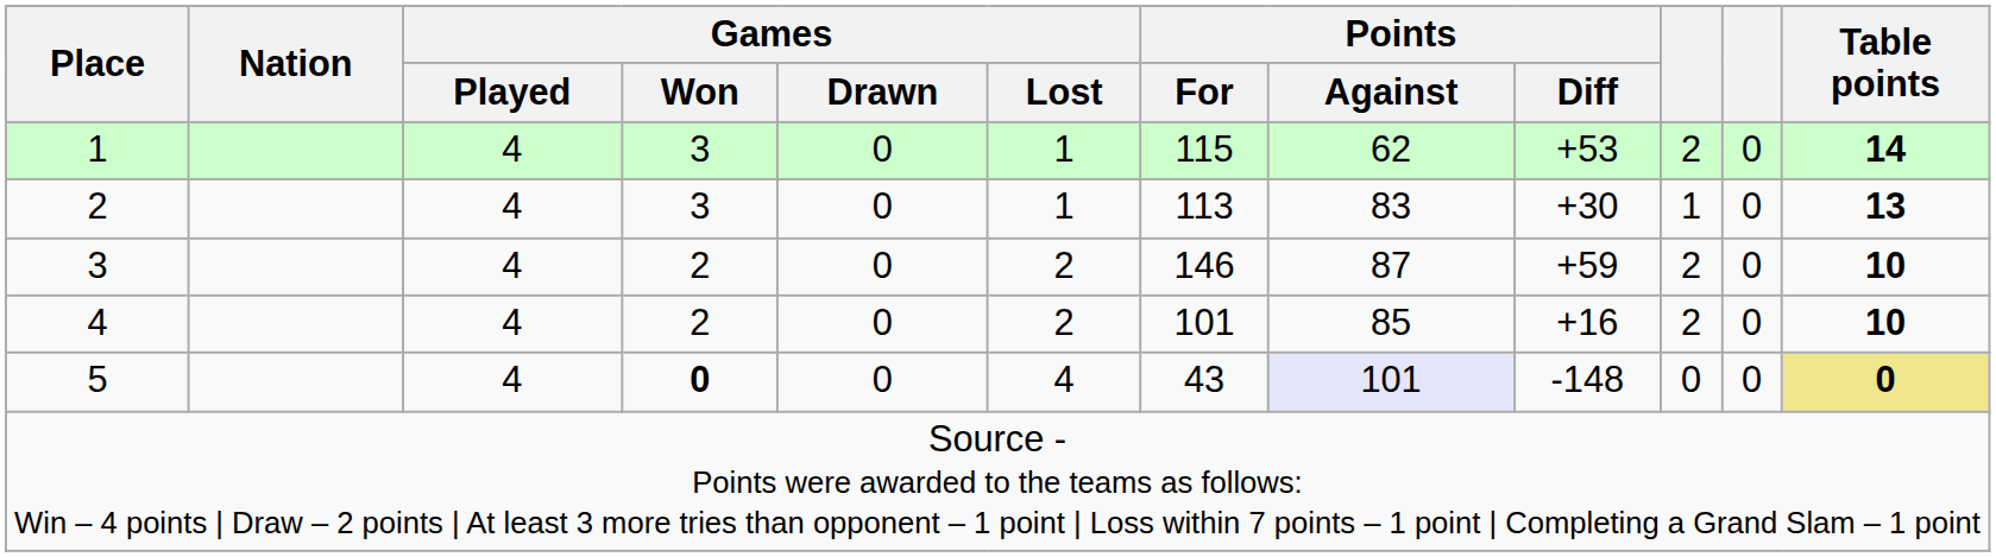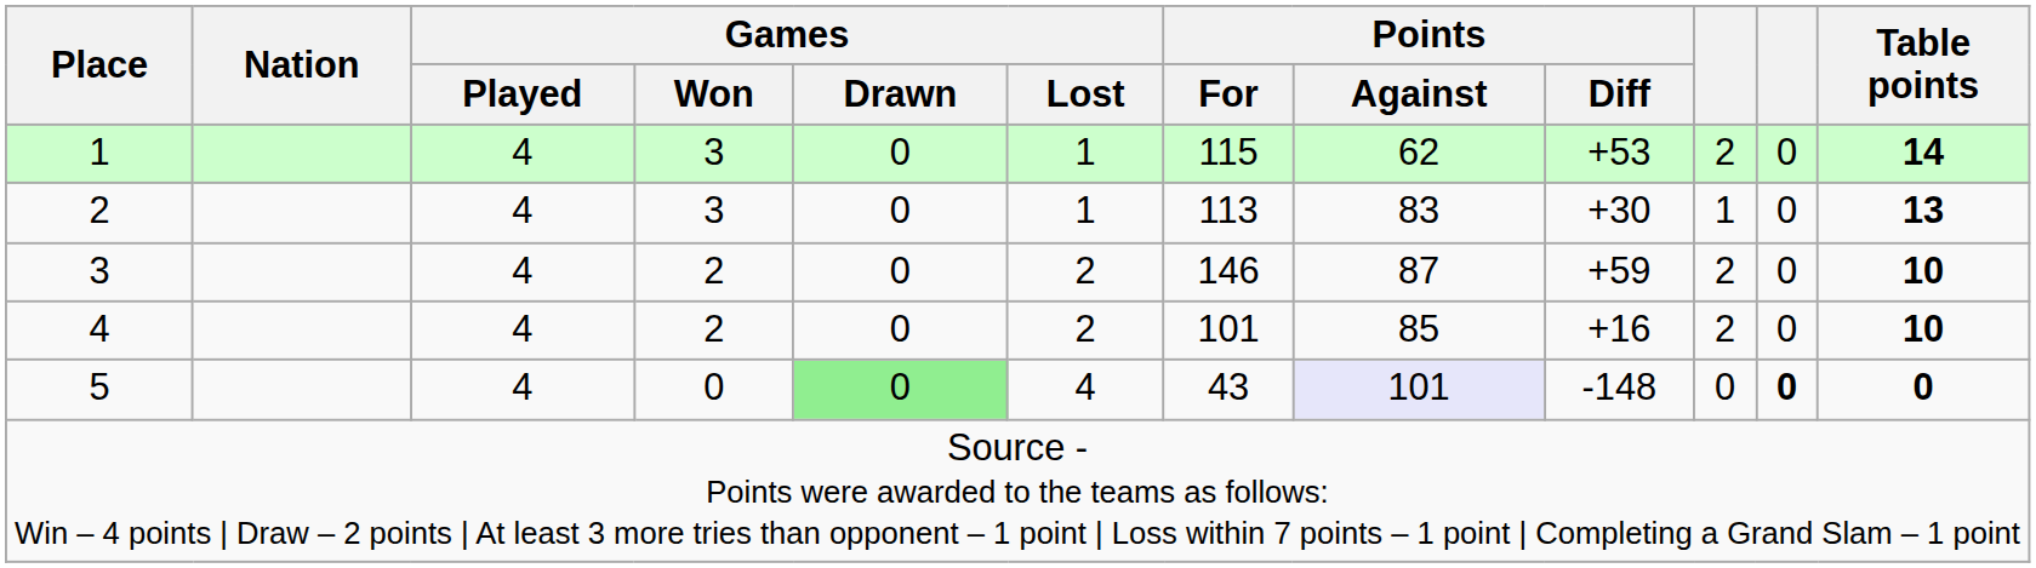 <table class="wikitable" style="text-align:center">
 <tr>
 <th rowspan="2">Place</th>
 <th rowspan="2">Nation</th>
 <th colspan="4">Games</th>
 <th colspan="3">Points</th>
 <th rowspan="2"></th>
 <th rowspan="2"></th>
 <th rowspan="2">Table<br>points</th>
 </tr>
 <tr>
 <th>Played</th>
 <th>Won</th>
 <th>Drawn</th>
 <th>Lost</th>
 <th>For</th>
 <th>Against</th>
 <th>Diff</th>
 </tr>
 <tr bgcolor="#cfc">
 <td>1</td>
 <td style="text-align:left"></td>
 <td>4</td>
 <td>3</td>
 <td>0</td>
 <td>1</td>
 <td>115</td>
 <td>62</td>
 <td>+53</td>
 <td>2</td>
 <td>0</td>
 <td><strong>14</strong></td>
 </tr>
 <tr>
 <td>2</td>
 <td style="text-align:left"></td>
 <td>4</td>
 <td>3</td>
 <td>0</td>
 <td>1</td>
 <td>113</td>
 <td>83</td>
 <td>+30</td>
 <td>1</td>
 <td>0</td>
 <td><strong>13</strong></td>
 </tr>
 <tr>
 <td>3</td>
 <td style="text-align:left"></td>
 <td>4</td>
 <td>2</td>
 <td>0</td>
 <td>2</td>
 <td>146</td>
 <td>87</td>
 <td>+59</td>
 <td>2</td>
 <td>0</td>
 <td><strong>10</strong></td>
 </tr>
 <tr>
 <td>4</td>
 <td style="text-align:left"></td>
 <td>4</td>
 <td>2</td>
 <td>0</td>
 <td>2</td>
 <td>101</td>
 <td>85</td>
 <td>+16</td>
 <td>2</td>
 <td>0</td>
 <td><strong>10</strong></td>
 </tr>
 <tr>
 <td>5</td>
 <td style="text-align:left"></td>
 <td>4</td>
-<td><strong>0</strong></td>
 <td>0</td>
+<td style="background: lightgreen;">0</td>
 <td>4</td>
 <td>43</td>
 <td style="background: lavender;">101</td>
 <td>-148</td>
 <td>0</td>
-<td>0</td>
-<td style="background: khaki;"><strong>0</strong></td>
+<td><strong>0</strong></td>
+<td><strong>0</strong></td>
 </tr>
 <tr>
 <td colspan="100%" style="text-align:center">Source -<br><small>Points were awarded to the teams as follows:<br>Win – 4 points | Draw – 2 points | At least 3 more tries than opponent – 1 point | Loss within 7 points – 1 point | Completing a Grand Slam – 1 point</small></td>
 </tr>
 </table>
